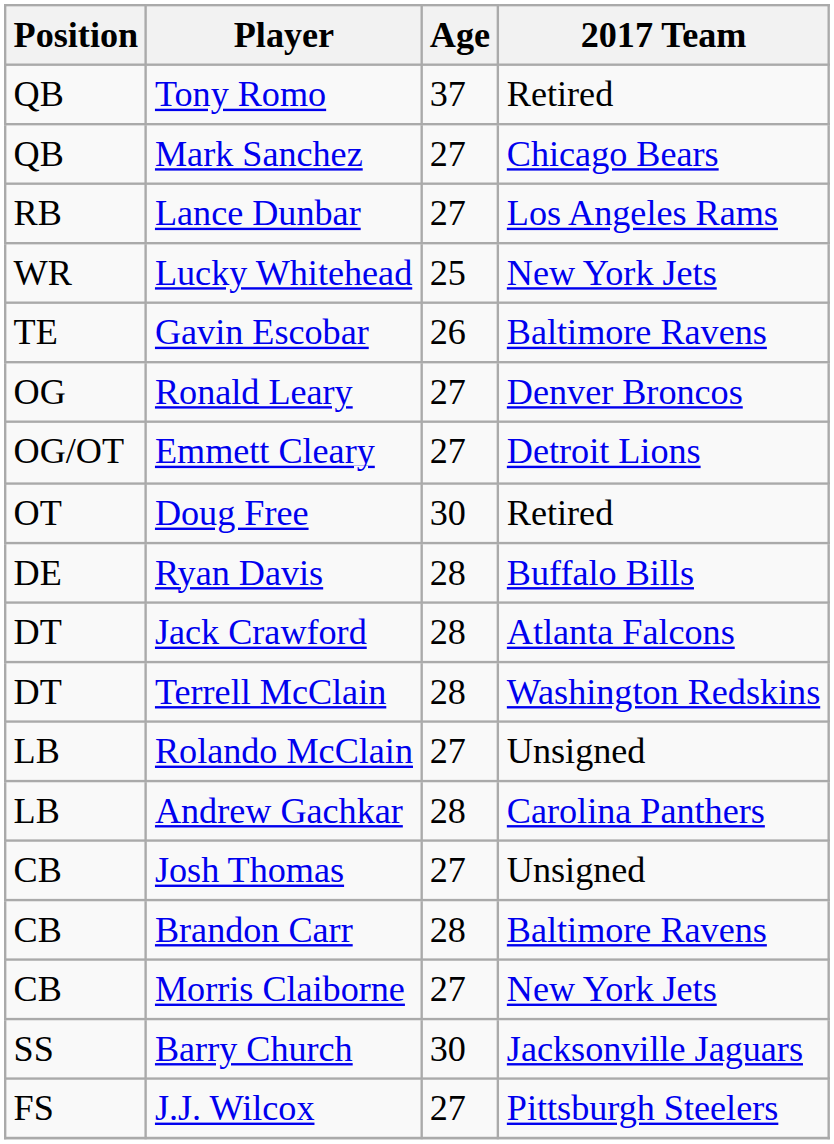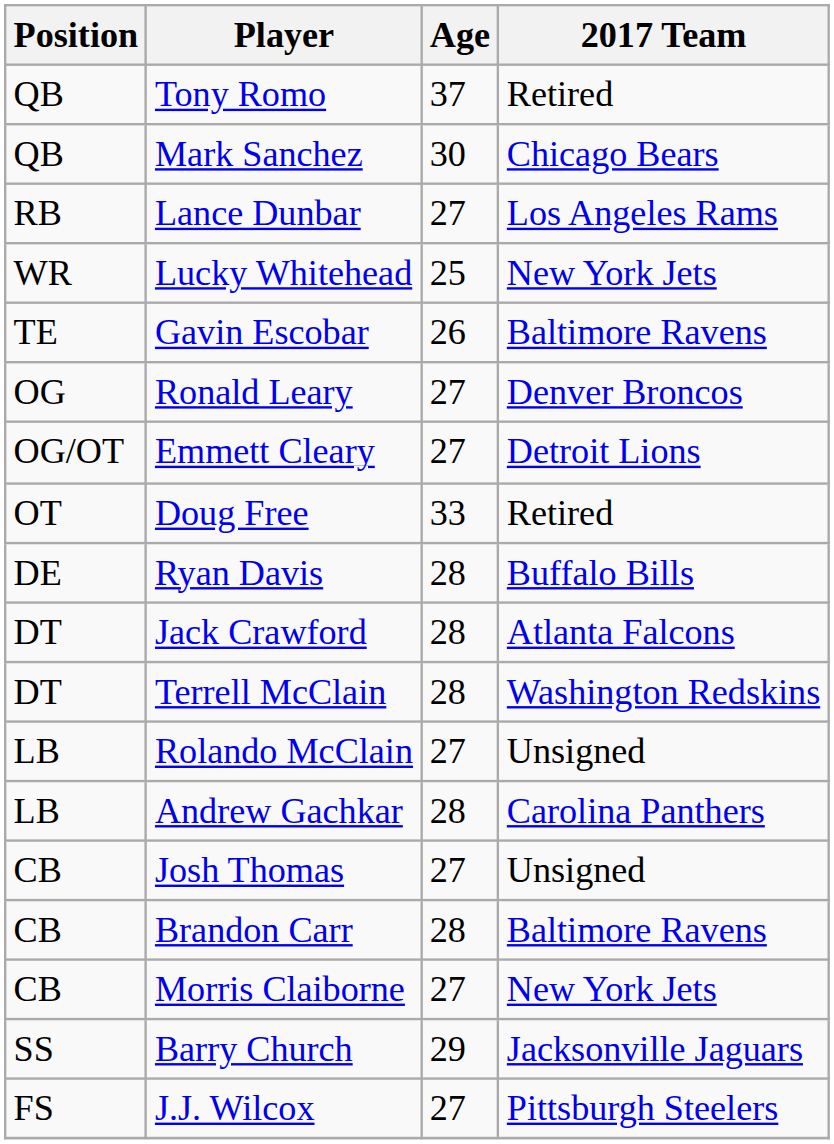 <table class="wikitable" style="font-size: 95%; text-align: left">
 <tr>
 <th>Position</th>
 <th>Player</th>
 <th>Age</th>
 <th>2017 Team</th>
 </tr>
 <tr>
 <td>QB</td>
 <td><a href='#'>Tony Romo</a></td>
 <td>37</td>
 <td>Retired</td>
 </tr>
 <tr>
 <td>QB</td>
 <td><a href='#'>Mark Sanchez</a></td>
-<td>27</td>
+<td>30</td>
 <td><a href='#'>Chicago Bears</a></td>
 </tr>
 <tr>
 <td>RB</td>
 <td><a href='#'>Lance Dunbar</a></td>
 <td>27</td>
 <td><a href='#'>Los Angeles Rams</a></td>
 </tr>
 <tr>
 <td>WR</td>
 <td><a href='#'>Lucky Whitehead</a></td>
 <td>25</td>
 <td><a href='#'>New York Jets</a></td>
 </tr>
 <tr>
 <td>TE</td>
 <td><a href='#'>Gavin Escobar</a></td>
 <td>26</td>
 <td><a href='#'>Baltimore Ravens</a></td>
 </tr>
 <tr>
 <td>OG</td>
 <td><a href='#'>Ronald Leary</a></td>
 <td>27</td>
 <td><a href='#'>Denver Broncos</a></td>
 </tr>
 <tr>
 <td>OG/OT</td>
 <td><a href='#'>Emmett Cleary</a></td>
 <td>27</td>
 <td><a href='#'>Detroit Lions</a></td>
 </tr>
 <tr>
 <td>OT</td>
 <td><a href='#'>Doug Free</a></td>
-<td>30</td>
+<td>33</td>
 <td>Retired</td>
 </tr>
 <tr>
 <td>DE</td>
 <td><a href='#'>Ryan Davis</a></td>
 <td>28</td>
 <td><a href='#'>Buffalo Bills</a></td>
 </tr>
 <tr>
 <td>DT</td>
 <td><a href='#'>Jack Crawford</a></td>
 <td>28</td>
 <td><a href='#'>Atlanta Falcons</a></td>
 </tr>
 <tr>
 <td>DT</td>
 <td><a href='#'>Terrell McClain</a></td>
 <td>28</td>
 <td><a href='#'>Washington Redskins</a></td>
 </tr>
 <tr>
 <td>LB</td>
 <td><a href='#'>Rolando McClain</a></td>
 <td>27</td>
 <td>Unsigned</td>
 </tr>
 <tr>
 <td>LB</td>
 <td><a href='#'>Andrew Gachkar</a></td>
 <td>28</td>
 <td><a href='#'>Carolina Panthers</a></td>
 </tr>
 <tr>
 <td>CB</td>
 <td><a href='#'>Josh Thomas</a></td>
 <td>27</td>
 <td>Unsigned</td>
 </tr>
 <tr>
 <td>CB</td>
 <td><a href='#'>Brandon Carr</a></td>
 <td>28</td>
 <td><a href='#'>Baltimore Ravens</a></td>
 </tr>
 <tr>
 <td>CB</td>
 <td><a href='#'>Morris Claiborne</a></td>
 <td>27</td>
 <td><a href='#'>New York Jets</a></td>
 </tr>
 <tr>
 <td>SS</td>
 <td><a href='#'>Barry Church</a></td>
-<td>30</td>
+<td>29</td>
 <td><a href='#'>Jacksonville Jaguars</a></td>
 </tr>
 <tr>
 <td>FS</td>
 <td><a href='#'>J.J. Wilcox</a></td>
 <td>27</td>
 <td><a href='#'>Pittsburgh Steelers</a></td>
 </tr>
 <tr>
 </tr>
 </table>
